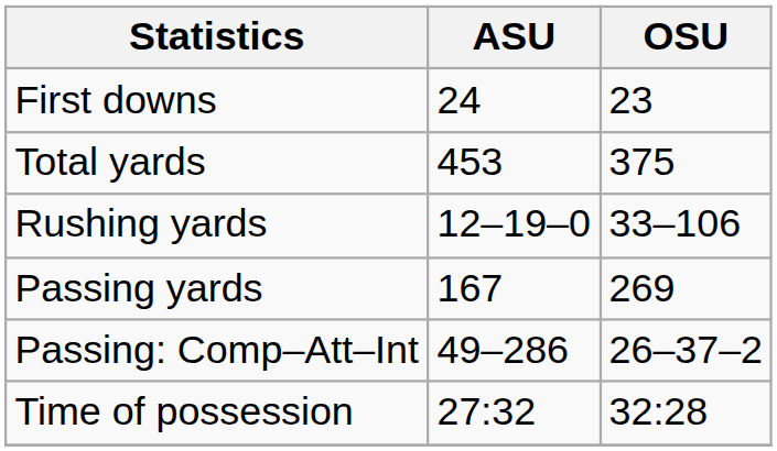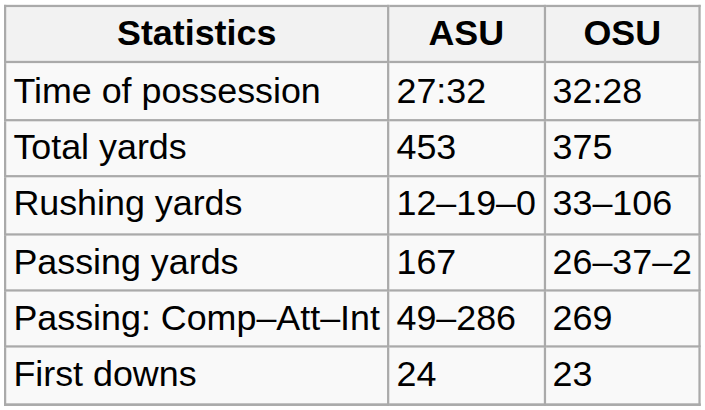 <table class="wikitable" style="float: left;">
 <tr>
 <th>Statistics</th>
 <th>ASU</th>
 <th>OSU</th>
 </tr>
 <tr>
-<td>First downs</td>
-<td>24</td>
-<td>23</td>
+<td>Time of possession</td>
+<td>27:32</td>
+<td>32:28</td>
 </tr>
 <tr>
 <td>Total yards</td>
 <td>453</td>
 <td>375</td>
 </tr>
 <tr>
 <td>Rushing yards</td>
 <td>12–19–0</td>
 <td>33–106</td>
 </tr>
 <tr>
 <td>Passing yards</td>
 <td>167</td>
-<td>269</td>
+<td>26–37–2</td>
 </tr>
 <tr>
 <td>Passing: Comp–Att–Int</td>
 <td>49–286</td>
-<td>26–37–2</td>
+<td>269</td>
 </tr>
 <tr>
-<td>Time of possession</td>
-<td>27:32</td>
-<td>32:28</td>
+<td>First downs</td>
+<td>24</td>
+<td>23</td>
 </tr>
 <tr>
 </tr>
 </table>
